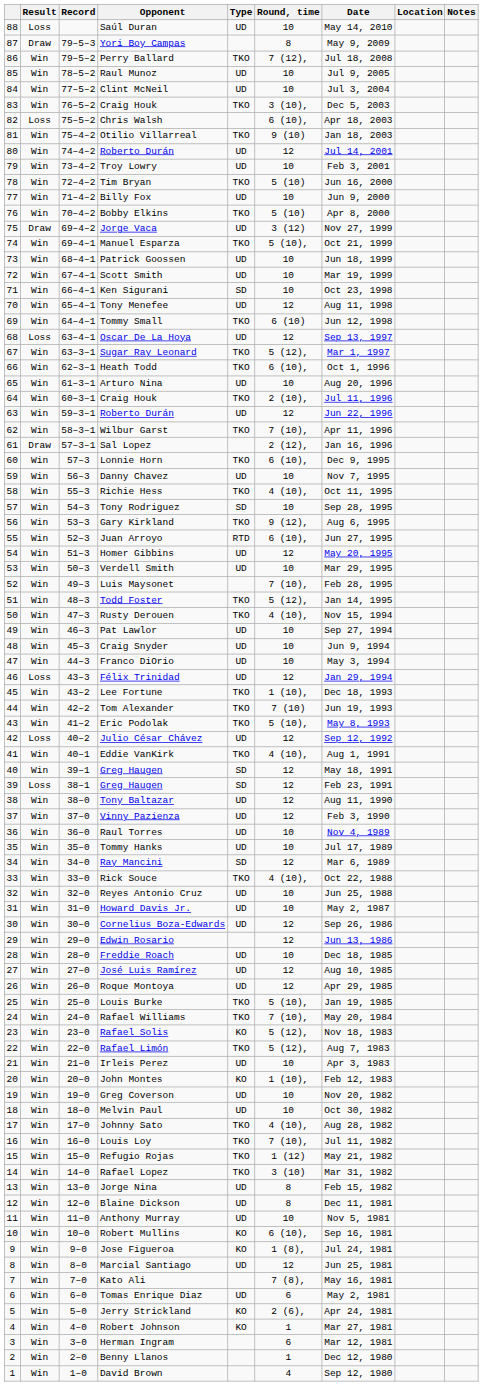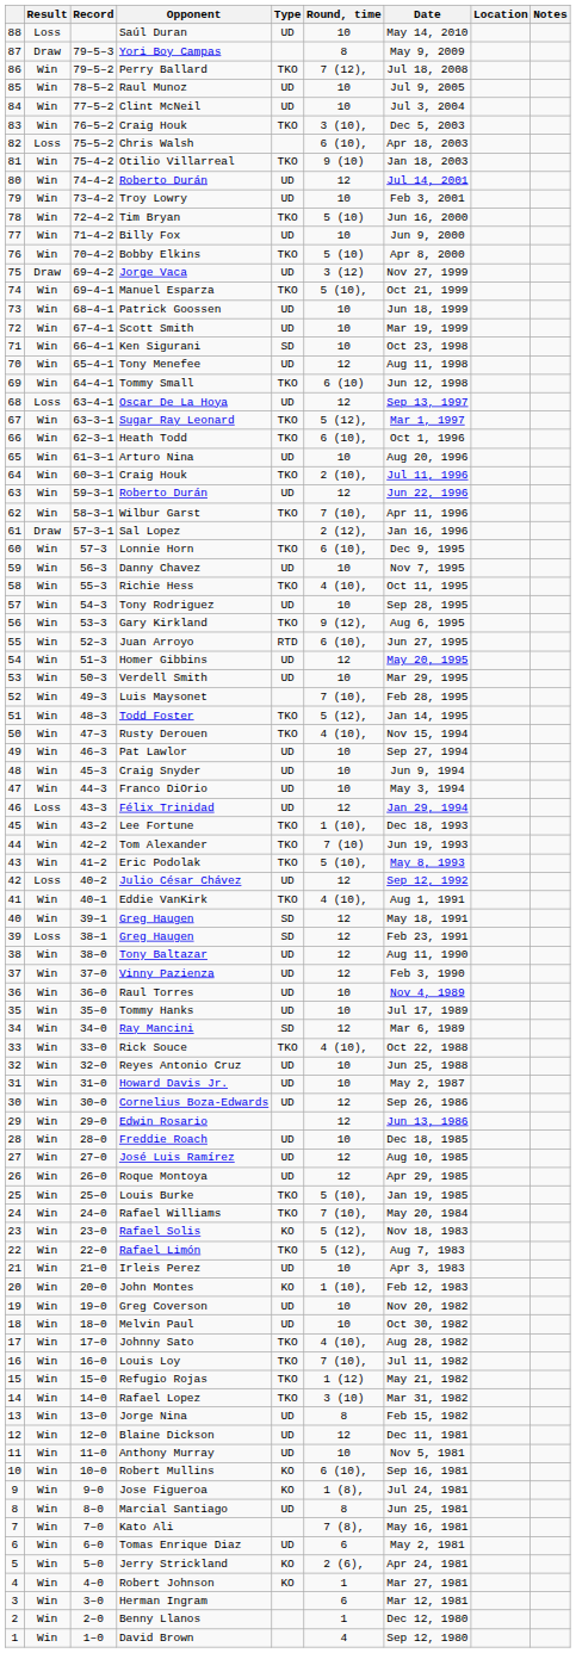 <table class="wikitable" style="text-align:center">
 <tr>
 <th></th>
 <th>Result</th>
 <th>Record</th>
 <th>Opponent</th>
 <th>Type</th>
 <th>Round, time</th>
 <th>Date</th>
 <th>Location</th>
 <th>Notes</th>
 </tr>
 <tr>
 <td>88</td>
 <td>Loss</td>
 <td></td>
 <td style="text-align:left;">Saúl Duran</td>
 <td>UD</td>
 <td>10</td>
 <td>May 14, 2010</td>
 <td style="text-align:left;"></td>
 <td></td>
 </tr>
 <tr>
 <td>87</td>
 <td>Draw</td>
 <td>79–5–3</td>
 <td style="text-align:left;"><a href='#'>Yori Boy Campas</a></td>
 <td></td>
 <td>8</td>
 <td>May 9, 2009</td>
 <td style="text-align:left;"></td>
 <td></td>
 </tr>
 <tr>
 <td>86</td>
 <td>Win</td>
 <td>79–5–2</td>
 <td style="text-align:left;">Perry Ballard</td>
 <td>TKO</td>
 <td>7 (12), </td>
 <td>Jul 18, 2008</td>
 <td style="text-align:left;"></td>
 <td style="text-align:left;"></td>
 </tr>
 <tr>
 <td>85</td>
 <td>Win</td>
 <td>78–5–2</td>
 <td style="text-align:left;">Raul Munoz</td>
 <td>UD</td>
 <td>10</td>
 <td>Jul 9, 2005</td>
 <td style="text-align:left;"></td>
 <td></td>
 </tr>
 <tr>
 <td>84</td>
 <td>Win</td>
 <td>77–5–2</td>
 <td style="text-align:left;">Clint McNeil</td>
 <td>UD</td>
 <td>10</td>
 <td>Jul 3, 2004</td>
 <td style="text-align:left;"></td>
 <td></td>
 </tr>
 <tr>
 <td>83</td>
 <td>Win</td>
 <td>76–5–2</td>
 <td style="text-align:left;">Craig Houk</td>
 <td>TKO</td>
 <td>3 (10), </td>
 <td>Dec 5, 2003</td>
 <td style="text-align:left;"></td>
 <td></td>
 </tr>
 <tr>
 <td>82</td>
 <td>Loss</td>
 <td>75–5–2</td>
 <td style="text-align:left;">Chris Walsh</td>
 <td></td>
 <td>6 (10), </td>
 <td>Apr 18, 2003</td>
 <td style="text-align:left;"></td>
 <td style="text-align:left;"></td>
 </tr>
 <tr>
 <td>81</td>
 <td>Win</td>
 <td>75–4–2</td>
 <td style="text-align:left;">Otilio Villarreal</td>
 <td>TKO</td>
 <td>9 (10)</td>
 <td>Jan 18, 2003</td>
 <td style="text-align:left;"></td>
 <td></td>
 </tr>
 <tr>
 <td>80</td>
 <td>Win</td>
 <td>74–4–2</td>
 <td style="text-align:left;"><a href='#'>Roberto Durán</a></td>
 <td>UD</td>
 <td>12</td>
 <td><a href='#'>Jul 14, 2001</a></td>
 <td style="text-align:left;"></td>
 <td style="text-align:left;"></td>
 </tr>
 <tr>
 <td>79</td>
 <td>Win</td>
 <td>73–4–2</td>
 <td style="text-align:left;">Troy Lowry</td>
 <td>UD</td>
 <td>10</td>
 <td>Feb 3, 2001</td>
 <td style="text-align:left;"></td>
 <td></td>
 </tr>
 <tr>
 <td>78</td>
 <td>Win</td>
 <td>72–4–2</td>
 <td style="text-align:left;">Tim Bryan</td>
 <td>TKO</td>
 <td>5 (10)</td>
 <td>Jun 16, 2000</td>
 <td style="text-align:left;"></td>
 <td></td>
 </tr>
 <tr>
 <td>77</td>
 <td>Win</td>
 <td>71–4–2</td>
 <td style="text-align:left;">Billy Fox</td>
 <td>UD</td>
 <td>10</td>
 <td>Jun 9, 2000</td>
 <td style="text-align:left;"></td>
 <td></td>
 </tr>
 <tr>
 <td>76</td>
 <td>Win</td>
 <td>70–4–2</td>
 <td style="text-align:left;">Bobby Elkins</td>
 <td>TKO</td>
 <td>5 (10)</td>
 <td>Apr 8, 2000</td>
 <td style="text-align:left;"></td>
 <td></td>
 </tr>
 <tr>
 <td>75</td>
 <td>Draw</td>
 <td>69–4–2</td>
 <td style="text-align:left;"><a href='#'>Jorge Vaca</a></td>
 <td>UD</td>
 <td>3 (12)</td>
 <td>Nov 27, 1999</td>
 <td style="text-align:left;"></td>
 <td></td>
 </tr>
 <tr>
 <td>74</td>
 <td>Win</td>
 <td>69–4–1</td>
 <td style="text-align:left;">Manuel Esparza</td>
 <td>TKO</td>
 <td>5 (10), </td>
 <td>Oct 21, 1999</td>
 <td style="text-align:left;"></td>
 <td></td>
 </tr>
 <tr>
 <td>73</td>
 <td>Win</td>
 <td>68–4–1</td>
 <td style="text-align:left;">Patrick Goossen</td>
 <td>UD</td>
 <td>10</td>
 <td>Jun 18, 1999</td>
 <td style="text-align:left;"></td>
 <td></td>
 </tr>
 <tr>
 <td>72</td>
 <td>Win</td>
 <td>67–4–1</td>
 <td style="text-align:left;">Scott Smith</td>
 <td>UD</td>
 <td>10</td>
 <td>Mar 19, 1999</td>
 <td style="text-align:left;"></td>
 <td></td>
 </tr>
 <tr>
 <td>71</td>
 <td>Win</td>
 <td>66–4–1</td>
 <td style="text-align:left;">Ken Sigurani</td>
 <td>SD</td>
 <td>10</td>
 <td>Oct 23, 1998</td>
 <td style="text-align:left;"></td>
 <td></td>
 </tr>
 <tr>
 <td>70</td>
 <td>Win</td>
 <td>65–4–1</td>
 <td style="text-align:left;">Tony Menefee</td>
 <td>UD</td>
 <td>12</td>
 <td>Aug 11, 1998</td>
 <td style="text-align:left;"></td>
 <td style="text-align:left;"></td>
 </tr>
 <tr>
 <td>69</td>
 <td>Win</td>
 <td>64–4–1</td>
 <td style="text-align:left;">Tommy Small</td>
 <td>TKO</td>
 <td>6 (10)</td>
 <td>Jun 12, 1998</td>
 <td style="text-align:left;"></td>
 <td></td>
 </tr>
 <tr>
 <td>68</td>
 <td>Loss</td>
 <td>63–4–1</td>
 <td style="text-align:left;"><a href='#'>Oscar De La Hoya</a></td>
 <td>UD</td>
 <td>12</td>
 <td><a href='#'>Sep 13, 1997</a></td>
 <td style="text-align:left;"></td>
 <td style="text-align:left;"></td>
 </tr>
 <tr>
 <td>67</td>
 <td>Win</td>
 <td>63–3–1</td>
 <td style="text-align:left;"><a href='#'>Sugar Ray Leonard</a></td>
 <td>TKO</td>
 <td>5 (12), </td>
 <td><a href='#'>Mar 1, 1997</a></td>
 <td style="text-align:left;"></td>
 <td style="text-align:left;"></td>
 </tr>
 <tr>
 <td>66</td>
 <td>Win</td>
 <td>62–3–1</td>
 <td style="text-align:left;">Heath Todd</td>
 <td>TKO</td>
 <td>6 (10), </td>
 <td>Oct 1, 1996</td>
 <td style="text-align:left;"></td>
 <td></td>
 </tr>
 <tr>
 <td>65</td>
 <td>Win</td>
 <td>61–3–1</td>
 <td style="text-align:left;">Arturo Nina</td>
 <td>UD</td>
 <td>10</td>
 <td>Aug 20, 1996</td>
 <td style="text-align:left;"></td>
 <td></td>
 </tr>
 <tr>
 <td>64</td>
 <td>Win</td>
 <td>60–3–1</td>
 <td style="text-align:left;">Craig Houk</td>
 <td>TKO</td>
 <td>2 (10), </td>
 <td><a href='#'>Jul 11, 1996</a></td>
 <td style="text-align:left;"></td>
 <td></td>
 </tr>
 <tr>
 <td>63</td>
 <td>Win</td>
 <td>59–3–1</td>
 <td style="text-align:left;"><a href='#'>Roberto Durán</a></td>
 <td>UD</td>
 <td>12</td>
 <td><a href='#'>Jun 22, 1996</a></td>
 <td style="text-align:left;"></td>
 <td style="text-align:left;"></td>
 </tr>
 <tr>
 <td>62</td>
 <td>Win</td>
 <td>58–3–1</td>
 <td style="text-align:left;">Wilbur Garst</td>
 <td>TKO</td>
 <td>7 (10), </td>
 <td>Apr 11, 1996</td>
 <td style="text-align:left;"></td>
 <td></td>
 </tr>
 <tr>
 <td>61</td>
 <td>Draw</td>
 <td>57–3–1</td>
 <td style="text-align:left;">Sal Lopez</td>
 <td></td>
 <td>2 (12), </td>
 <td>Jan 16, 1996</td>
 <td style="text-align:left;"></td>
 <td style="text-align:left;"></td>
 </tr>
 <tr>
 <td>60</td>
 <td>Win</td>
 <td>57–3</td>
 <td style="text-align:left;">Lonnie Horn</td>
 <td>TKO</td>
 <td>6 (10), </td>
 <td>Dec 9, 1995</td>
 <td style="text-align:left;"></td>
 <td></td>
 </tr>
 <tr>
 <td>59</td>
 <td>Win</td>
 <td>56–3</td>
 <td style="text-align:left;">Danny Chavez</td>
 <td>UD</td>
 <td>10</td>
 <td>Nov 7, 1995</td>
 <td style="text-align:left;"></td>
 <td></td>
 </tr>
 <tr>
 <td>58</td>
 <td>Win</td>
 <td>55–3</td>
 <td style="text-align:left;">Richie Hess</td>
 <td>TKO</td>
 <td>4 (10), </td>
 <td>Oct 11, 1995</td>
 <td style="text-align:left;"></td>
 <td></td>
 </tr>
 <tr>
 <td>57</td>
 <td>Win</td>
 <td>54–3</td>
 <td style="text-align:left;">Tony Rodriguez</td>
-<td>SD</td>
+<td>UD</td>
 <td>10</td>
 <td>Sep 28, 1995</td>
 <td style="text-align:left;"></td>
 <td></td>
 </tr>
 <tr>
 <td>56</td>
 <td>Win</td>
 <td>53–3</td>
 <td style="text-align:left;">Gary Kirkland</td>
 <td>TKO</td>
 <td>9 (12), </td>
 <td>Aug 6, 1995</td>
 <td style="text-align:left;"></td>
 <td style="text-align:left;"></td>
 </tr>
 <tr>
 <td>55</td>
 <td>Win</td>
 <td>52–3</td>
 <td style="text-align:left;">Juan Arroyo</td>
 <td>RTD</td>
 <td>6 (10), </td>
 <td>Jun 27, 1995</td>
 <td style="text-align:left;"></td>
 <td></td>
 </tr>
 <tr>
 <td>54</td>
 <td>Win</td>
 <td>51–3</td>
 <td style="text-align:left;">Homer Gibbins</td>
 <td>UD</td>
 <td>12</td>
 <td><a href='#'>May 20, 1995</a></td>
 <td style="text-align:left;"></td>
 <td style="text-align:left;"></td>
 </tr>
 <tr>
 <td>53</td>
 <td>Win</td>
 <td>50–3</td>
 <td style="text-align:left;">Verdell Smith</td>
 <td>UD</td>
 <td>10</td>
 <td>Mar 29, 1995</td>
 <td style="text-align:left;"></td>
 <td></td>
 </tr>
 <tr>
 <td>52</td>
 <td>Win</td>
 <td>49–3</td>
 <td style="text-align:left;">Luis Maysonet</td>
 <td></td>
 <td>7 (10), </td>
 <td>Feb 28, 1995</td>
 <td style="text-align:left;"></td>
 <td></td>
 </tr>
 <tr>
 <td>51</td>
 <td>Win</td>
 <td>48–3</td>
 <td style="text-align:left;"><a href='#'>Todd Foster</a></td>
 <td>TKO</td>
 <td>5 (12), </td>
 <td>Jan 14, 1995</td>
 <td style="text-align:left;"></td>
 <td style="text-align:left;"></td>
 </tr>
 <tr>
 <td>50</td>
 <td>Win</td>
 <td>47–3</td>
 <td style="text-align:left;">Rusty Derouen</td>
 <td>TKO</td>
 <td>4 (10), </td>
 <td>Nov 15, 1994</td>
 <td style="text-align:left;"></td>
 <td></td>
 </tr>
 <tr>
 <td>49</td>
 <td>Win</td>
 <td>46–3</td>
 <td style="text-align:left;">Pat Lawlor</td>
 <td>UD</td>
 <td>10</td>
 <td>Sep 27, 1994</td>
 <td style="text-align:left;"></td>
 <td></td>
 </tr>
 <tr>
 <td>48</td>
 <td>Win</td>
 <td>45–3</td>
 <td style="text-align:left;">Craig Snyder</td>
 <td>UD</td>
 <td>10</td>
 <td>Jun 9, 1994</td>
 <td style="text-align:left;"></td>
 <td></td>
 </tr>
 <tr>
 <td>47</td>
 <td>Win</td>
 <td>44–3</td>
 <td style="text-align:left;">Franco DiOrio</td>
 <td>UD</td>
 <td>10</td>
 <td>May 3, 1994</td>
 <td style="text-align:left;"></td>
 <td></td>
 </tr>
 <tr>
 <td>46</td>
 <td>Loss</td>
 <td>43–3</td>
 <td style="text-align:left;"><a href='#'>Félix Trinidad</a></td>
 <td>UD</td>
 <td>12</td>
 <td><a href='#'>Jan 29, 1994</a></td>
 <td style="text-align:left;"></td>
 <td style="text-align:left;"></td>
 </tr>
 <tr>
 <td>45</td>
 <td>Win</td>
 <td>43–2</td>
 <td style="text-align:left;">Lee Fortune</td>
 <td>TKO</td>
 <td>1 (10), </td>
 <td>Dec 18, 1993</td>
 <td style="text-align:left;"></td>
 <td></td>
 </tr>
 <tr>
 <td>44</td>
 <td>Win</td>
 <td>42–2</td>
 <td style="text-align:left;">Tom Alexander</td>
 <td>TKO</td>
 <td>7 (10)</td>
 <td>Jun 19, 1993</td>
 <td style="text-align:left;"></td>
 <td></td>
 </tr>
 <tr>
 <td>43</td>
 <td>Win</td>
 <td>41–2</td>
 <td style="text-align:left;">Eric Podolak</td>
 <td>TKO</td>
 <td>5 (10), </td>
 <td><a href='#'>May 8, 1993</a></td>
 <td style="text-align:left;"></td>
 <td></td>
 </tr>
 <tr>
 <td>42</td>
 <td>Loss</td>
 <td>40–2</td>
 <td style="text-align:left;"><a href='#'>Julio César Chávez</a></td>
 <td>UD</td>
 <td>12</td>
 <td><a href='#'>Sep 12, 1992</a></td>
 <td style="text-align:left;"></td>
 <td style="text-align:left;"></td>
 </tr>
 <tr>
 <td>41</td>
 <td>Win</td>
 <td>40–1</td>
 <td style="text-align:left;">Eddie VanKirk</td>
 <td>TKO</td>
 <td>4 (10), </td>
 <td>Aug 1, 1991</td>
 <td style="text-align:left;"></td>
 <td></td>
 </tr>
 <tr>
 <td>40</td>
 <td>Win</td>
 <td>39–1</td>
 <td style="text-align:left;"><a href='#'>Greg Haugen</a></td>
 <td>SD</td>
 <td>12</td>
 <td>May 18, 1991</td>
 <td style="text-align:left;"></td>
 <td style="text-align:left;"></td>
 </tr>
 <tr>
 <td>39</td>
 <td>Loss</td>
 <td>38–1</td>
 <td style="text-align:left;"><a href='#'>Greg Haugen</a></td>
 <td>SD</td>
 <td>12</td>
 <td>Feb 23, 1991</td>
 <td style="text-align:left;"></td>
 <td style="text-align:left;"></td>
 </tr>
 <tr>
 <td>38</td>
 <td>Win</td>
 <td>38–0</td>
 <td style="text-align:left;"><a href='#'>Tony Baltazar</a></td>
 <td>UD</td>
 <td>12</td>
 <td>Aug 11, 1990</td>
 <td style="text-align:left;"></td>
 <td style="text-align:left;"></td>
 </tr>
 <tr>
 <td>37</td>
 <td>Win</td>
 <td>37–0</td>
 <td style="text-align:left;"><a href='#'>Vinny Pazienza</a></td>
 <td>UD</td>
 <td>12</td>
 <td>Feb 3, 1990</td>
 <td style="text-align:left;"></td>
 <td style="text-align:left;"></td>
 </tr>
 <tr>
 <td>36</td>
 <td>Win</td>
 <td>36–0</td>
 <td style="text-align:left;">Raul Torres</td>
 <td>UD</td>
 <td>10</td>
 <td><a href='#'>Nov 4, 1989</a></td>
 <td style="text-align:left;"></td>
 <td></td>
 </tr>
 <tr>
 <td>35</td>
 <td>Win</td>
 <td>35–0</td>
 <td style="text-align:left;">Tommy Hanks</td>
 <td>UD</td>
 <td>10</td>
 <td>Jul 17, 1989</td>
 <td style="text-align:left;"></td>
 <td></td>
 </tr>
 <tr>
 <td>34</td>
 <td>Win</td>
 <td>34–0</td>
 <td style="text-align:left;"><a href='#'>Ray Mancini</a></td>
 <td>SD</td>
 <td>12</td>
 <td>Mar 6, 1989</td>
 <td style="text-align:left;"></td>
 <td style="text-align:left;"></td>
 </tr>
 <tr>
 <td>33</td>
 <td>Win</td>
 <td>33–0</td>
 <td style="text-align:left;">Rick Souce</td>
 <td>TKO</td>
 <td>4 (10), </td>
 <td>Oct 22, 1988</td>
 <td style="text-align:left;"></td>
 <td></td>
 </tr>
 <tr>
 <td>32</td>
 <td>Win</td>
 <td>32–0</td>
 <td style="text-align:left;">Reyes Antonio Cruz</td>
 <td>UD</td>
 <td>10</td>
 <td>Jun 25, 1988</td>
 <td style="text-align:left;"></td>
 <td></td>
 </tr>
 <tr>
 <td>31</td>
 <td>Win</td>
 <td>31–0</td>
 <td style="text-align:left;"><a href='#'>Howard Davis Jr.</a></td>
 <td>UD</td>
 <td>10</td>
 <td>May 2, 1987</td>
 <td style="text-align:left;"></td>
 <td></td>
 </tr>
 <tr>
 <td>30</td>
 <td>Win</td>
 <td>30–0</td>
 <td style="text-align:left;"><a href='#'>Cornelius Boza-Edwards</a></td>
 <td>UD</td>
 <td>12</td>
 <td>Sep 26, 1986</td>
 <td style="text-align:left;"></td>
 <td style="text-align:left;"></td>
 </tr>
 <tr>
 <td>29</td>
 <td>Win</td>
 <td>29–0</td>
 <td style="text-align:left;"><a href='#'>Edwin Rosario</a></td>
 <td></td>
 <td>12</td>
 <td><a href='#'>Jun 13, 1986</a></td>
 <td style="text-align:left;"></td>
 <td style="text-align:left;"></td>
 </tr>
 <tr>
 <td>28</td>
 <td>Win</td>
 <td>28–0</td>
 <td style="text-align:left;"><a href='#'>Freddie Roach</a></td>
 <td>UD</td>
 <td>10</td>
 <td>Dec 18, 1985</td>
 <td style="text-align:left;"></td>
 <td></td>
 </tr>
 <tr>
 <td>27</td>
 <td>Win</td>
 <td>27–0</td>
 <td style="text-align:left;"><a href='#'>José Luis Ramírez</a></td>
 <td>UD</td>
 <td>12</td>
 <td>Aug 10, 1985</td>
 <td style="text-align:left;"></td>
 <td style="text-align:left;"></td>
 </tr>
 <tr>
 <td>26</td>
 <td>Win</td>
 <td>26–0</td>
 <td style="text-align:left;">Roque Montoya</td>
 <td>UD</td>
 <td>12</td>
 <td>Apr 29, 1985</td>
 <td style="text-align:left;"></td>
 <td style="text-align:left;"></td>
 </tr>
 <tr>
 <td>25</td>
 <td>Win</td>
 <td>25–0</td>
 <td style="text-align:left;">Louis Burke</td>
 <td>TKO</td>
 <td>5 (10), </td>
 <td>Jan 19, 1985</td>
 <td style="text-align:left;"></td>
 <td></td>
 </tr>
 <tr>
 <td>24</td>
 <td>Win</td>
 <td>24–0</td>
 <td style="text-align:left;">Rafael Williams</td>
 <td>TKO</td>
 <td>7 (10), </td>
 <td>May 20, 1984</td>
 <td style="text-align:left;"></td>
 <td></td>
 </tr>
 <tr>
 <td>23</td>
 <td>Win</td>
 <td>23–0</td>
 <td style="text-align:left;"><a href='#'>Rafael Solis</a></td>
 <td>KO</td>
 <td>5 (12), </td>
 <td>Nov 18, 1983</td>
 <td style="text-align:left;"></td>
 <td style="text-align:left;"></td>
 </tr>
 <tr>
 <td>22</td>
 <td>Win</td>
 <td>22–0</td>
 <td style="text-align:left;"><a href='#'>Rafael Limón</a></td>
 <td>TKO</td>
 <td>5 (12), </td>
 <td>Aug 7, 1983</td>
 <td style="text-align:left;"></td>
 <td style="text-align:left;"></td>
 </tr>
 <tr>
 <td>21</td>
 <td>Win</td>
 <td>21–0</td>
 <td style="text-align:left;">Irleis Perez</td>
 <td>UD</td>
 <td>10</td>
 <td>Apr 3, 1983</td>
 <td style="text-align:left;"></td>
 <td></td>
 </tr>
 <tr>
 <td>20</td>
 <td>Win</td>
 <td>20–0</td>
 <td style="text-align:left;">John Montes</td>
 <td>KO</td>
 <td>1 (10), </td>
 <td>Feb 12, 1983</td>
 <td style="text-align:left;"></td>
 <td></td>
 </tr>
 <tr>
 <td>19</td>
 <td>Win</td>
 <td>19–0</td>
 <td style="text-align:left;">Greg Coverson</td>
 <td>UD</td>
 <td>10</td>
 <td>Nov 20, 1982</td>
 <td style="text-align:left;"></td>
 <td></td>
 </tr>
 <tr>
 <td>18</td>
 <td>Win</td>
 <td>18–0</td>
 <td style="text-align:left;">Melvin Paul</td>
 <td>UD</td>
 <td>10</td>
 <td>Oct 30, 1982</td>
 <td style="text-align:left;"></td>
 <td></td>
 </tr>
 <tr>
 <td>17</td>
 <td>Win</td>
 <td>17–0</td>
 <td style="text-align:left;">Johnny Sato</td>
 <td>TKO</td>
 <td>4 (10), </td>
 <td>Aug 28, 1982</td>
 <td style="text-align:left;"></td>
 <td></td>
 </tr>
 <tr>
 <td>16</td>
 <td>Win</td>
 <td>16–0</td>
 <td style="text-align:left;">Louis Loy</td>
 <td>TKO</td>
 <td>7 (10), </td>
 <td>Jul 11, 1982</td>
 <td style="text-align:left;"></td>
 <td></td>
 </tr>
 <tr>
 <td>15</td>
 <td>Win</td>
 <td>15–0</td>
 <td style="text-align:left;">Refugio Rojas</td>
 <td>TKO</td>
 <td>1 (12)</td>
 <td>May 21, 1982</td>
 <td style="text-align:left;"></td>
 <td style="text-align:left;"></td>
 </tr>
 <tr>
 <td>14</td>
 <td>Win</td>
 <td>14–0</td>
 <td style="text-align:left;">Rafael Lopez</td>
 <td>TKO</td>
 <td>3 (10)</td>
 <td>Mar 31, 1982</td>
 <td style="text-align:left;"></td>
 <td></td>
 </tr>
 <tr>
 <td>13</td>
 <td>Win</td>
 <td>13–0</td>
 <td style="text-align:left;">Jorge Nina</td>
 <td>UD</td>
 <td>8</td>
 <td>Feb 15, 1982</td>
 <td style="text-align:left;"></td>
 <td></td>
 </tr>
 <tr>
 <td>12</td>
 <td>Win</td>
 <td>12–0</td>
 <td style="text-align:left;">Blaine Dickson</td>
 <td>UD</td>
-<td>8</td>
+<td>12</td>
 <td>Dec 11, 1981</td>
 <td style="text-align:left;"></td>
 <td style="text-align:left;"></td>
 </tr>
 <tr>
 <td>11</td>
 <td>Win</td>
 <td>11–0</td>
 <td style="text-align:left;">Anthony Murray</td>
 <td>UD</td>
 <td>10</td>
 <td>Nov 5, 1981</td>
 <td style="text-align:left;"></td>
 <td></td>
 </tr>
 <tr>
 <td>10</td>
 <td>Win</td>
 <td>10–0</td>
 <td style="text-align:left;">Robert Mullins</td>
 <td>KO</td>
 <td>6 (10), </td>
 <td>Sep 16, 1981</td>
 <td style="text-align:left;"></td>
 <td></td>
 </tr>
 <tr>
 <td>9</td>
 <td>Win</td>
 <td>9–0</td>
 <td style="text-align:left;">Jose Figueroa</td>
 <td>KO</td>
 <td>1 (8), </td>
 <td>Jul 24, 1981</td>
 <td style="text-align:left;"></td>
 <td></td>
 </tr>
 <tr>
 <td>8</td>
 <td>Win</td>
 <td>8–0</td>
 <td style="text-align:left;">Marcial Santiago</td>
 <td>UD</td>
-<td>12</td>
+<td>8</td>
 <td>Jun 25, 1981</td>
 <td style="text-align:left;"></td>
 <td></td>
 </tr>
 <tr>
 <td>7</td>
 <td>Win</td>
 <td>7–0</td>
 <td style="text-align:left;">Kato Ali</td>
 <td></td>
 <td>7 (8), </td>
 <td>May 16, 1981</td>
 <td style="text-align:left;"></td>
 <td></td>
 </tr>
 <tr>
 <td>6</td>
 <td>Win</td>
 <td>6–0</td>
 <td style="text-align:left;">Tomas Enrique Diaz</td>
 <td>UD</td>
 <td>6</td>
 <td>May 2, 1981</td>
 <td style="text-align:left;"></td>
 <td></td>
 </tr>
 <tr>
 <td>5</td>
 <td>Win</td>
 <td>5–0</td>
 <td style="text-align:left;">Jerry Strickland</td>
 <td>KO</td>
 <td>2 (6), </td>
 <td>Apr 24, 1981</td>
 <td style="text-align:left;"></td>
 <td></td>
 </tr>
 <tr>
 <td>4</td>
 <td>Win</td>
 <td>4–0</td>
 <td style="text-align:left;">Robert Johnson</td>
 <td>KO</td>
 <td>1</td>
 <td>Mar 27, 1981</td>
 <td style="text-align:left;"></td>
 <td></td>
 </tr>
 <tr>
 <td>3</td>
 <td>Win</td>
 <td>3–0</td>
 <td style="text-align:left;">Herman Ingram</td>
 <td></td>
 <td>6</td>
 <td>Mar 12, 1981</td>
 <td style="text-align:left;"></td>
 <td></td>
 </tr>
 <tr>
 <td>2</td>
 <td>Win</td>
 <td>2–0</td>
 <td style="text-align:left;">Benny Llanos</td>
 <td></td>
 <td>1</td>
 <td>Dec 12, 1980</td>
 <td style="text-align:left;"></td>
 <td></td>
 </tr>
 <tr>
 <td>1</td>
 <td>Win</td>
 <td>1–0</td>
 <td style="text-align:left;">David Brown</td>
 <td></td>
 <td>4</td>
 <td>Sep 12, 1980</td>
 <td style="text-align:left;"></td>
 <td></td>
 </tr>
 </table>
